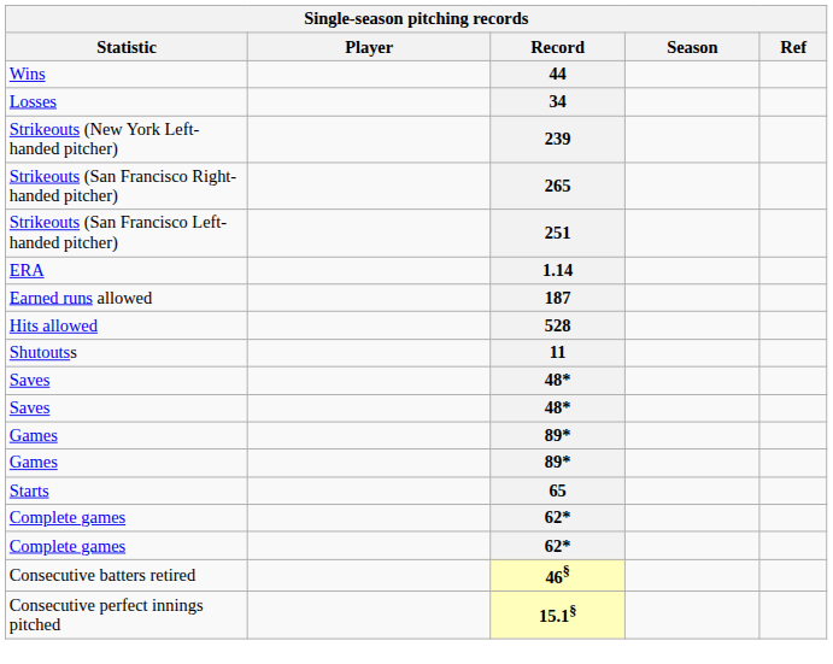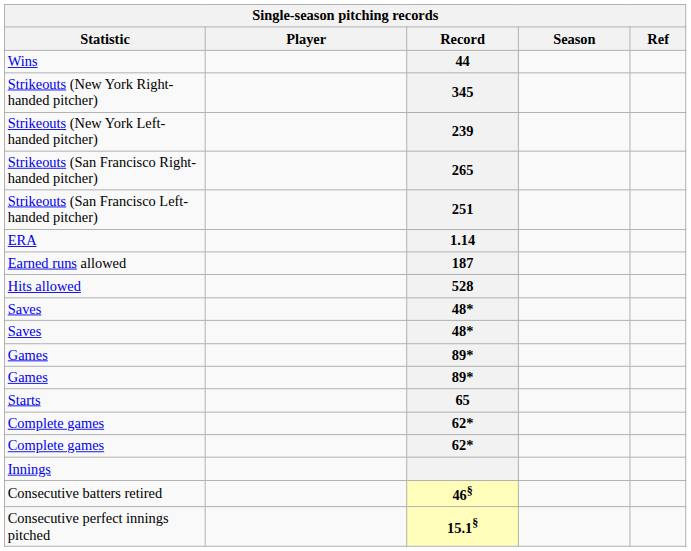 <table class="wikitable sortable" style="text-align:left" width="60%">
 <tr>
 <th colspan=5>Single-season pitching records</th>
 </tr>
 <tr>
 <th scope="col" width=18%>Statistic</th>
 <th scope="col" width=18%>Player</th>
 <th scope="col" width=10% class="unsortable">Record</th>
 <th scope="col" width=10%>Season</th>
 <th scope="col" width=5% class="unsortable">Ref</th>
 </tr>
 <tr>
 <td><a href='#'>Wins</a></td>
 <td></td>
 <th scope="row">44</th>
 <td></td>
 <td></td>
 </tr>
 <tr>
-<td><a href='#'>Losses</a></td>
+<td><a href='#'>Strikeouts</a> (New York Right-handed pitcher)</td>
 <td></td>
-<th scope="row">34</th>
+<th scope="row">345</th>
 <td></td>
 <td></td>
 </tr>
 <tr>
 <td><a href='#'>Strikeouts</a> (New York Left-handed pitcher)</td>
 <td></td>
 <th scope="row">239</th>
 <td></td>
 <td></td>
 </tr>
 <tr>
 <td><a href='#'>Strikeouts</a> (San Francisco Right-handed pitcher)</td>
 <td></td>
 <th scope="row">265</th>
 <td></td>
 <td></td>
 </tr>
 <tr>
 <td><a href='#'>Strikeouts</a> (San Francisco Left-handed pitcher)</td>
 <td></td>
 <th scope="row">251</th>
 <td></td>
 <td></td>
 </tr>
 <tr>
 <td><a href='#'>ERA</a></td>
 <td></td>
 <th scope="row">1.14</th>
 <td></td>
 <td></td>
 </tr>
 <tr>
 <td><a href='#'>Earned runs</a> allowed</td>
 <td></td>
 <th scope="row">187</th>
 <td></td>
 <td></td>
 </tr>
 <tr>
 <td><a href='#'>Hits allowed</a></td>
 <td></td>
 <th scope="row">528</th>
-<td></td>
-<td></td>
-</tr>
-<tr>
-<td><a href='#'>Shutouts</a>s</td>
-<td></td>
-<th scope="row">11</th>
 <td></td>
 <td></td>
 </tr>
 <tr>
 <td><a href='#'>Saves</a></td>
 <td></td>
 <th scope="row">48*</th>
 <td></td>
 <td></td>
 </tr>
 <tr>
 <td><a href='#'>Saves</a></td>
 <td></td>
 <th scope="row">48*</th>
 <td></td>
 <td></td>
 </tr>
 <tr>
 <td><a href='#'>Games</a></td>
 <td></td>
 <th scope="row">89*</th>
 <td></td>
 <td></td>
 </tr>
 <tr>
 <td><a href='#'>Games</a></td>
 <td></td>
 <th scope="row">89*</th>
 <td></td>
 <td></td>
 </tr>
 <tr>
 <td><a href='#'>Starts</a></td>
 <td></td>
 <th scope="row">65</th>
 <td></td>
 <td></td>
 </tr>
 <tr>
 <td><a href='#'>Complete games</a></td>
 <td></td>
 <th scope="row">62*</th>
 <td></td>
 <td></td>
 </tr>
 <tr>
 <td><a href='#'>Complete games</a></td>
 <td></td>
 <th scope="row">62*</th>
 <td></td>
 <td></td>
 </tr>
 <tr>
+<td><a href='#'>Innings</a></td>
+<td></td>
+<th scope="row"></th>
+<td></td>
+<td></td>
+</tr>
+<tr>
 <td>Consecutive batters retired</td>
 <td></td>
 <th scope="row" style="background-color:#ffffbb">46<sup>§</sup></th>
 <td></td>
 <td></td>
 </tr>
 <tr>
 <td>Consecutive perfect innings pitched</td>
 <td></td>
 <th scope="row" style="background-color:#ffffbb">15.1<sup>§</sup></th>
 <td></td>
 <td></td>
 </tr>
 </table>
